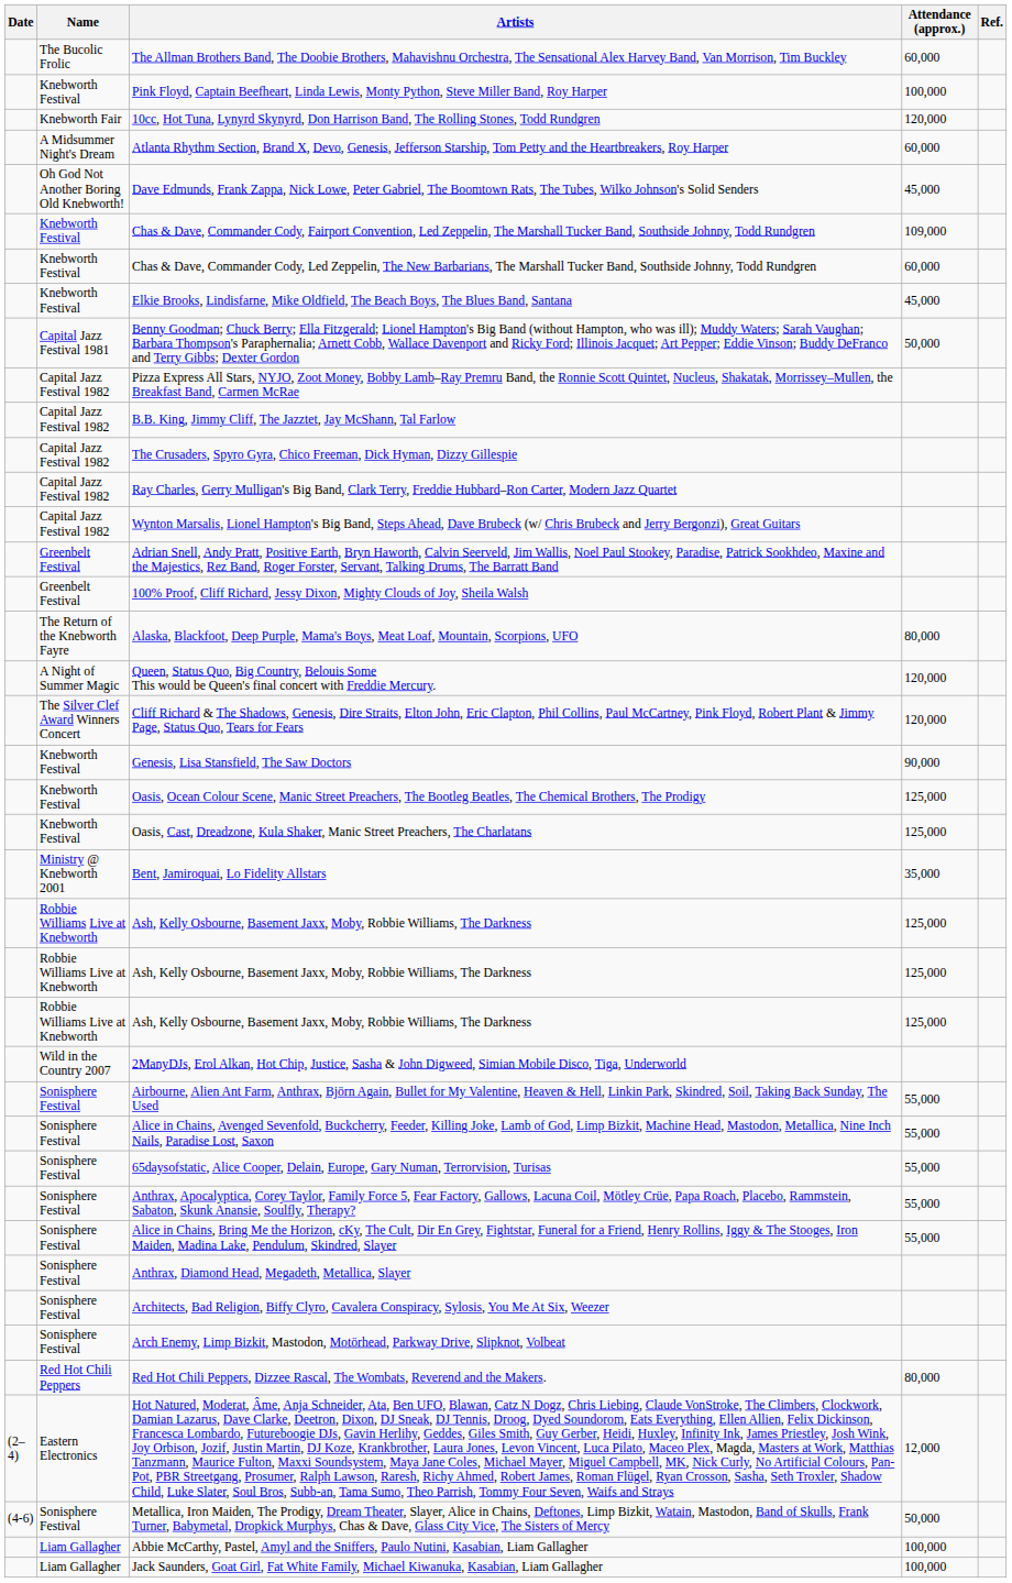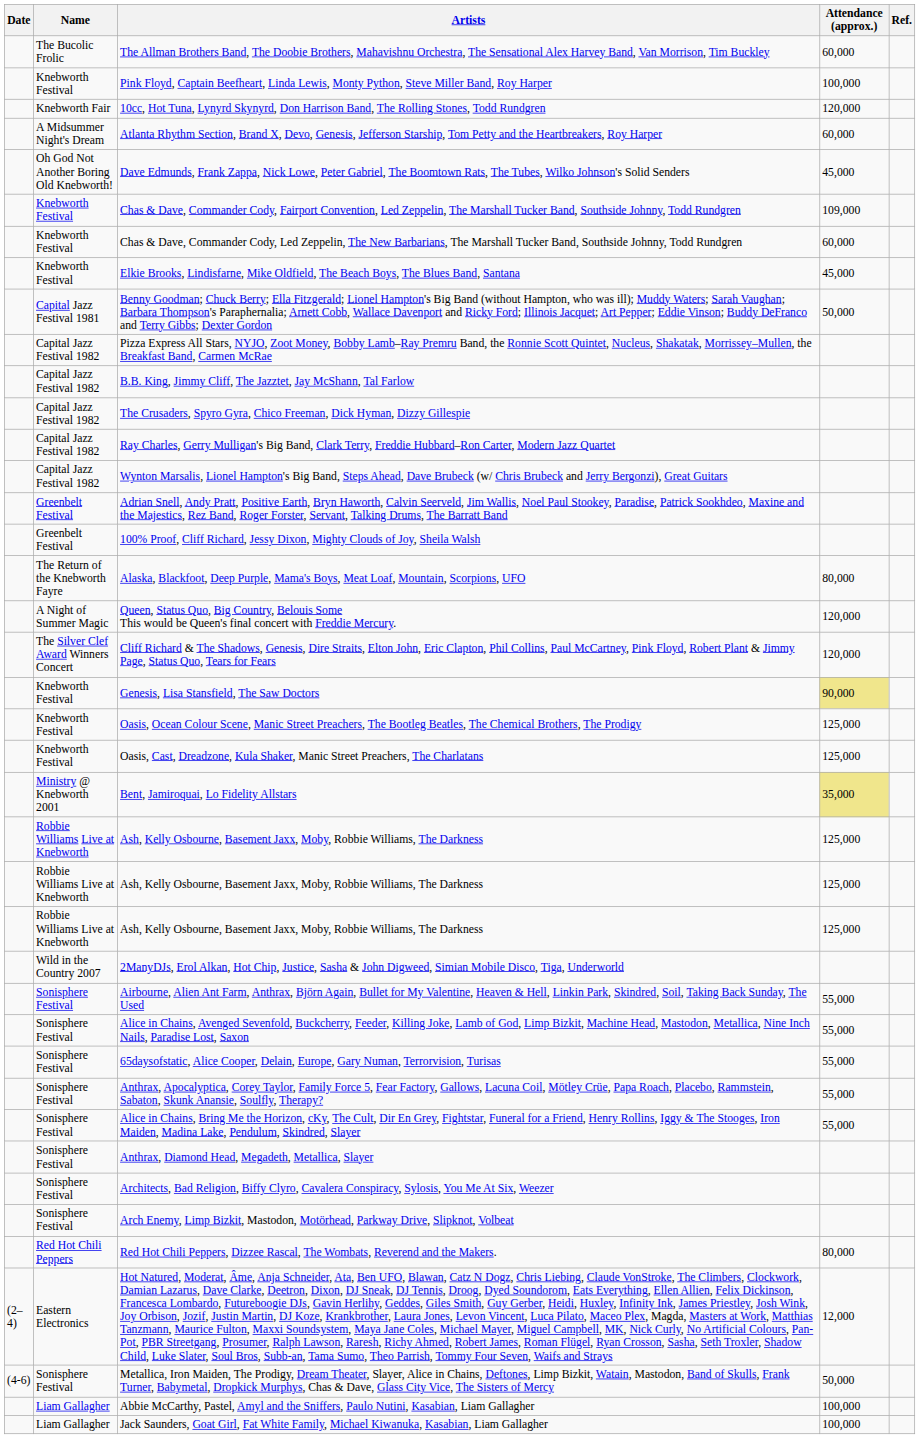 <table class="wikitable sortable">
 <tr>
 <th><strong>Date</strong></th>
 <th><strong>Name</strong></th>
 <th class="unsortable"><strong><a href='#'>Artists</a></strong></th>
 <th><strong>Attendance (approx.)</strong></th>
 <th class="unsortable"><strong>Ref.</strong></th>
 </tr>
 <tr>
 <td></td>
 <td>The Bucolic Frolic</td>
 <td><a href='#'>The Allman Brothers Band</a>, <a href='#'>The Doobie Brothers</a>, <a href='#'>Mahavishnu Orchestra</a>, <a href='#'>The Sensational Alex Harvey Band</a>, <a href='#'>Van Morrison</a>, <a href='#'>Tim Buckley</a></td>
 <td>60,000</td>
 <td></td>
 </tr>
 <tr>
 <td></td>
 <td>Knebworth Festival</td>
 <td><a href='#'>Pink Floyd</a>, <a href='#'>Captain Beefheart</a>, <a href='#'>Linda Lewis</a>, <a href='#'>Monty Python</a>, <a href='#'>Steve Miller Band</a>, <a href='#'>Roy Harper</a></td>
 <td>100,000</td>
 <td></td>
 </tr>
 <tr>
 <td></td>
 <td>Knebworth Fair</td>
 <td><a href='#'>10cc</a>, <a href='#'>Hot Tuna</a>, <a href='#'>Lynyrd Skynyrd</a>, <a href='#'>Don Harrison Band</a>, <a href='#'>The Rolling Stones</a>, <a href='#'>Todd Rundgren</a></td>
 <td>120,000</td>
 <td></td>
 </tr>
 <tr>
 <td></td>
 <td>A Midsummer Night's Dream</td>
 <td><a href='#'>Atlanta Rhythm Section</a>, <a href='#'>Brand X</a>, <a href='#'>Devo</a>, <a href='#'>Genesis</a>, <a href='#'>Jefferson Starship</a>, <a href='#'>Tom Petty and the Heartbreakers</a>, <a href='#'>Roy Harper</a></td>
 <td>60,000</td>
 <td></td>
 </tr>
 <tr>
 <td></td>
 <td>Oh God Not Another Boring Old Knebworth!</td>
 <td><a href='#'>Dave Edmunds</a>, <a href='#'>Frank Zappa</a>, <a href='#'>Nick Lowe</a>, <a href='#'>Peter Gabriel</a>, <a href='#'>The Boomtown Rats</a>, <a href='#'>The Tubes</a>, <a href='#'>Wilko Johnson</a>'s Solid Senders</td>
 <td>45,000</td>
 <td></td>
 </tr>
 <tr>
 <td></td>
 <td><a href='#'>Knebworth Festival</a></td>
 <td><a href='#'>Chas & Dave</a>, <a href='#'>Commander Cody</a>, <a href='#'>Fairport Convention</a>, <a href='#'>Led Zeppelin</a>, <a href='#'>The Marshall Tucker Band</a>, <a href='#'>Southside Johnny</a>, <a href='#'>Todd Rundgren</a></td>
 <td>109,000</td>
 <td></td>
 </tr>
 <tr>
 <td></td>
 <td>Knebworth Festival</td>
 <td>Chas & Dave, Commander Cody, Led Zeppelin, <a href='#'>The New Barbarians</a>, The Marshall Tucker Band, Southside Johnny, Todd Rundgren</td>
 <td>60,000</td>
 <td></td>
 </tr>
 <tr>
 <td></td>
 <td>Knebworth Festival</td>
 <td><a href='#'>Elkie Brooks</a>, <a href='#'>Lindisfarne</a>, <a href='#'>Mike Oldfield</a>, <a href='#'>The Beach Boys</a>, <a href='#'>The Blues Band</a>, <a href='#'>Santana</a></td>
 <td>45,000</td>
 <td></td>
 </tr>
 <tr>
 <td></td>
 <td><a href='#'>Capital</a> Jazz Festival 1981</td>
 <td><a href='#'>Benny Goodman</a>; <a href='#'>Chuck Berry</a>; <a href='#'>Ella Fitzgerald</a>; <a href='#'>Lionel Hampton</a>'s Big Band (without Hampton, who was ill); <a href='#'>Muddy Waters</a>; <a href='#'>Sarah Vaughan</a>; <a href='#'>Barbara Thompson</a>'s Paraphernalia; <a href='#'>Arnett Cobb</a>, <a href='#'>Wallace Davenport</a> and <a href='#'>Ricky Ford</a>; <a href='#'>Illinois Jacquet</a>; <a href='#'>Art Pepper</a>; <a href='#'>Eddie Vinson</a>; <a href='#'>Buddy DeFranco</a> and <a href='#'>Terry Gibbs</a>; <a href='#'>Dexter Gordon</a></td>
 <td>50,000</td>
 <td></td>
 </tr>
 <tr>
 <td></td>
 <td>Capital Jazz Festival 1982</td>
 <td>Pizza Express All Stars, <a href='#'>NYJO</a>, <a href='#'>Zoot Money</a>, <a href='#'>Bobby Lamb</a>–<a href='#'>Ray Premru</a> Band, the <a href='#'>Ronnie Scott Quintet</a>, <a href='#'>Nucleus</a>, <a href='#'>Shakatak</a>, <a href='#'>Morrissey–Mullen</a>, the <a href='#'>Breakfast Band</a>, <a href='#'>Carmen McRae</a></td>
 <td></td>
 <td></td>
 </tr>
 <tr>
 <td></td>
 <td>Capital Jazz Festival 1982</td>
 <td><a href='#'>B.B. King</a>, <a href='#'>Jimmy Cliff</a>, <a href='#'>The Jazztet</a>, <a href='#'>Jay McShann</a>, <a href='#'>Tal Farlow</a></td>
 <td></td>
 <td></td>
 </tr>
 <tr>
 <td></td>
 <td>Capital Jazz Festival 1982</td>
 <td><a href='#'>The Crusaders</a>, <a href='#'>Spyro Gyra</a>, <a href='#'>Chico Freeman</a>, <a href='#'>Dick Hyman</a>, <a href='#'>Dizzy Gillespie</a></td>
 <td></td>
 <td></td>
 </tr>
 <tr>
 <td></td>
 <td>Capital Jazz Festival 1982</td>
 <td><a href='#'>Ray Charles</a>, <a href='#'>Gerry Mulligan</a>'s Big Band, <a href='#'>Clark Terry</a>, <a href='#'>Freddie Hubbard</a>–<a href='#'>Ron Carter</a>, <a href='#'>Modern Jazz Quartet</a></td>
 <td></td>
 <td></td>
 </tr>
 <tr>
 <td></td>
 <td>Capital Jazz Festival 1982</td>
 <td><a href='#'>Wynton Marsalis</a>, <a href='#'>Lionel Hampton</a>'s Big Band, <a href='#'>Steps Ahead</a>, <a href='#'>Dave Brubeck</a> (w/ <a href='#'>Chris Brubeck</a> and <a href='#'>Jerry Bergonzi</a>), <a href='#'>Great Guitars</a></td>
 <td></td>
 <td></td>
 </tr>
 <tr>
 <td></td>
 <td><a href='#'>Greenbelt Festival</a></td>
 <td><a href='#'>Adrian Snell</a>, <a href='#'>Andy Pratt</a>, <a href='#'>Positive Earth</a>, <a href='#'>Bryn Haworth</a>, <a href='#'>Calvin Seerveld</a>, <a href='#'>Jim Wallis</a>, <a href='#'>Noel Paul Stookey</a>, <a href='#'>Paradise</a>, <a href='#'>Patrick Sookhdeo</a>, <a href='#'>Maxine and the Majestics</a>, <a href='#'>Rez Band</a>, <a href='#'>Roger Forster</a>, <a href='#'>Servant</a>, <a href='#'>Talking Drums</a>, <a href='#'>The Barratt Band</a></td>
 <td></td>
 <td></td>
 </tr>
 <tr>
 <td></td>
 <td>Greenbelt Festival</td>
 <td><a href='#'>100% Proof</a>, <a href='#'>Cliff Richard</a>, <a href='#'>Jessy Dixon</a>, <a href='#'>Mighty Clouds of Joy</a>, <a href='#'>Sheila Walsh</a></td>
 <td></td>
 <td></td>
 </tr>
 <tr>
 <td></td>
 <td>The Return of the Knebworth Fayre</td>
 <td><a href='#'>Alaska</a>, <a href='#'>Blackfoot</a>, <a href='#'>Deep Purple</a>, <a href='#'>Mama's Boys</a>, <a href='#'>Meat Loaf</a>, <a href='#'>Mountain</a>, <a href='#'>Scorpions</a>, <a href='#'>UFO</a></td>
 <td>80,000</td>
 <td></td>
 </tr>
 <tr>
 <td></td>
 <td>A Night of Summer Magic</td>
 <td><a href='#'>Queen</a>, <a href='#'>Status Quo</a>, <a href='#'>Big Country</a>, <a href='#'>Belouis Some</a><br>This would be Queen's final concert with <a href='#'>Freddie Mercury</a>.</td>
 <td>120,000</td>
 <td></td>
 </tr>
 <tr>
 <td></td>
 <td>The <a href='#'>Silver Clef Award</a> Winners Concert</td>
 <td><a href='#'>Cliff Richard</a> & <a href='#'>The Shadows</a>, <a href='#'>Genesis</a>, <a href='#'>Dire Straits</a>, <a href='#'>Elton John</a>, <a href='#'>Eric Clapton</a>, <a href='#'>Phil Collins</a>, <a href='#'>Paul McCartney</a>, <a href='#'>Pink Floyd</a>, <a href='#'>Robert Plant</a> & <a href='#'>Jimmy Page</a>, <a href='#'>Status Quo</a>, <a href='#'>Tears for Fears</a></td>
 <td>120,000</td>
 <td></td>
 </tr>
 <tr>
 <td></td>
 <td>Knebworth Festival</td>
 <td><a href='#'>Genesis</a>, <a href='#'>Lisa Stansfield</a>, <a href='#'>The Saw Doctors</a></td>
-<td>90,000</td>
+<td style="background: khaki;">90,000</td>
 <td></td>
 </tr>
 <tr>
 <td></td>
 <td>Knebworth Festival</td>
 <td><a href='#'>Oasis</a>, <a href='#'>Ocean Colour Scene</a>, <a href='#'>Manic Street Preachers</a>, <a href='#'>The Bootleg Beatles</a>, <a href='#'>The Chemical Brothers</a>, <a href='#'>The Prodigy</a></td>
 <td>125,000</td>
 <td></td>
 </tr>
 <tr>
 <td></td>
 <td>Knebworth Festival</td>
 <td>Oasis, <a href='#'>Cast</a>, <a href='#'>Dreadzone</a>, <a href='#'>Kula Shaker</a>, Manic Street Preachers, <a href='#'>The Charlatans</a></td>
 <td>125,000</td>
 <td></td>
 </tr>
 <tr>
 <td></td>
 <td><a href='#'>Ministry</a> @ Knebworth 2001</td>
 <td><a href='#'>Bent</a>, <a href='#'>Jamiroquai</a>, <a href='#'>Lo Fidelity Allstars</a></td>
-<td>35,000</td>
+<td style="background: khaki;">35,000</td>
 <td></td>
 </tr>
 <tr>
 <td></td>
 <td><a href='#'>Robbie Williams</a> <a href='#'>Live at Knebworth</a></td>
 <td><a href='#'>Ash</a>, <a href='#'>Kelly Osbourne</a>, <a href='#'>Basement Jaxx</a>, <a href='#'>Moby</a>, Robbie Williams, <a href='#'>The Darkness</a></td>
 <td>125,000</td>
 <td></td>
 </tr>
 <tr>
 <td></td>
 <td>Robbie Williams Live at Knebworth</td>
 <td>Ash, Kelly Osbourne, Basement Jaxx, Moby, Robbie Williams, The Darkness</td>
 <td>125,000</td>
 <td></td>
 </tr>
 <tr>
 <td></td>
 <td>Robbie Williams Live at Knebworth</td>
 <td>Ash, Kelly Osbourne, Basement Jaxx, Moby, Robbie Williams, The Darkness</td>
 <td>125,000</td>
 <td></td>
 </tr>
 <tr>
 <td></td>
 <td>Wild in the Country 2007</td>
 <td><a href='#'>2ManyDJs</a>, <a href='#'>Erol Alkan</a>, <a href='#'>Hot Chip</a>, <a href='#'>Justice</a>, <a href='#'>Sasha</a> & <a href='#'>John Digweed</a>, <a href='#'>Simian Mobile Disco</a>, <a href='#'>Tiga</a>, <a href='#'>Underworld</a></td>
 <td></td>
 <td></td>
 </tr>
 <tr>
 <td></td>
 <td><a href='#'>Sonisphere Festival</a></td>
 <td><a href='#'>Airbourne</a>, <a href='#'>Alien Ant Farm</a>, <a href='#'>Anthrax</a>, <a href='#'>Björn Again</a>, <a href='#'>Bullet for My Valentine</a>, <a href='#'>Heaven & Hell</a>, <a href='#'>Linkin Park</a>, <a href='#'>Skindred</a>, <a href='#'>Soil</a>, <a href='#'>Taking Back Sunday</a>, <a href='#'>The Used</a></td>
 <td>55,000</td>
 <td></td>
 </tr>
 <tr>
 <td></td>
 <td>Sonisphere Festival</td>
 <td><a href='#'>Alice in Chains</a>, <a href='#'>Avenged Sevenfold</a>, <a href='#'>Buckcherry</a>, <a href='#'>Feeder</a>, <a href='#'>Killing Joke</a>, <a href='#'>Lamb of God</a>, <a href='#'>Limp Bizkit</a>, <a href='#'>Machine Head</a>, <a href='#'>Mastodon</a>, <a href='#'>Metallica</a>, <a href='#'>Nine Inch Nails</a>, <a href='#'>Paradise Lost</a>, <a href='#'>Saxon</a></td>
 <td>55,000</td>
 <td></td>
 </tr>
 <tr>
 <td></td>
 <td>Sonisphere Festival</td>
 <td><a href='#'>65daysofstatic</a>, <a href='#'>Alice Cooper</a>, <a href='#'>Delain</a>, <a href='#'>Europe</a>, <a href='#'>Gary Numan</a>, <a href='#'>Terrorvision</a>, <a href='#'>Turisas</a></td>
 <td>55,000</td>
 <td></td>
 </tr>
 <tr>
 <td></td>
 <td>Sonisphere Festival</td>
 <td><a href='#'>Anthrax</a>, <a href='#'>Apocalyptica</a>, <a href='#'>Corey Taylor</a>, <a href='#'>Family Force 5</a>, <a href='#'>Fear Factory</a>, <a href='#'>Gallows</a>, <a href='#'>Lacuna Coil</a>, <a href='#'>Mötley Crüe</a>, <a href='#'>Papa Roach</a>, <a href='#'>Placebo</a>, <a href='#'>Rammstein</a>, <a href='#'>Sabaton</a>, <a href='#'>Skunk Anansie</a>, <a href='#'>Soulfly</a>, <a href='#'>Therapy?</a></td>
 <td>55,000</td>
 <td></td>
 </tr>
 <tr>
 <td></td>
 <td>Sonisphere Festival</td>
 <td><a href='#'>Alice in Chains</a>, <a href='#'>Bring Me the Horizon</a>, <a href='#'>cKy</a>, <a href='#'>The Cult</a>, <a href='#'>Dir En Grey</a>, <a href='#'>Fightstar</a>, <a href='#'>Funeral for a Friend</a>, <a href='#'>Henry Rollins</a>, <a href='#'>Iggy & The Stooges</a>, <a href='#'>Iron Maiden</a>, <a href='#'>Madina Lake</a>, <a href='#'>Pendulum</a>, <a href='#'>Skindred</a>, <a href='#'>Slayer</a></td>
 <td>55,000</td>
 <td></td>
 </tr>
 <tr>
 <td></td>
 <td>Sonisphere Festival</td>
 <td><a href='#'>Anthrax</a>, <a href='#'>Diamond Head</a>, <a href='#'>Megadeth</a>, <a href='#'>Metallica</a>, <a href='#'>Slayer</a></td>
 <td></td>
 <td></td>
 </tr>
 <tr>
 <td></td>
 <td>Sonisphere Festival</td>
 <td><a href='#'>Architects</a>, <a href='#'>Bad Religion</a>, <a href='#'>Biffy Clyro</a>, <a href='#'>Cavalera Conspiracy</a>, <a href='#'>Sylosis</a>, <a href='#'>You Me At Six</a>, <a href='#'>Weezer</a></td>
 <td></td>
 <td></td>
 </tr>
 <tr>
 <td></td>
 <td>Sonisphere Festival</td>
 <td><a href='#'>Arch Enemy</a>, <a href='#'>Limp Bizkit</a>, Mastodon, <a href='#'>Motörhead</a>, <a href='#'>Parkway Drive</a>, <a href='#'>Slipknot</a>, <a href='#'>Volbeat</a></td>
 <td></td>
 <td></td>
 </tr>
 <tr>
 <td></td>
 <td><a href='#'>Red Hot Chili Peppers</a></td>
 <td><a href='#'>Red Hot Chili Peppers</a>, <a href='#'>Dizzee Rascal</a>, <a href='#'>The Wombats</a>, <a href='#'>Reverend and the Makers</a>.</td>
 <td>80,000</td>
 <td></td>
 </tr>
 <tr>
 <td> (2–4)</td>
 <td>Eastern Electronics</td>
 <td><a href='#'>Hot Natured</a>, <a href='#'>Moderat</a>, <a href='#'>Âme</a>, <a href='#'>Anja Schneider</a>, <a href='#'>Ata</a>, <a href='#'>Ben UFO</a>, <a href='#'>Blawan</a>, <a href='#'>Catz N Dogz</a>, <a href='#'>Chris Liebing</a>, <a href='#'>Claude VonStroke</a>, <a href='#'>The Climbers</a>, <a href='#'>Clockwork</a>, <a href='#'>Damian Lazarus</a>, <a href='#'>Dave Clarke</a>, <a href='#'>Deetron</a>, <a href='#'>Dixon</a>, <a href='#'>DJ Sneak</a>, <a href='#'>DJ Tennis</a>, <a href='#'>Droog</a>, <a href='#'>Dyed Soundorom</a>, <a href='#'>Eats Everything</a>, <a href='#'>Ellen Allien</a>, <a href='#'>Felix Dickinson</a>, <a href='#'>Francesca Lombardo</a>, <a href='#'>Futureboogie DJs</a>, <a href='#'>Gavin Herlihy</a>, <a href='#'>Geddes</a>, <a href='#'>Giles Smith</a>, <a href='#'>Guy Gerber</a>, <a href='#'>Heidi</a>, <a href='#'>Huxley</a>, <a href='#'>Infinity Ink</a>, <a href='#'>James Priestley</a>, <a href='#'>Josh Wink</a>, <a href='#'>Joy Orbison</a>, <a href='#'>Jozif</a>, <a href='#'>Justin Martin</a>, <a href='#'>DJ Koze</a>, <a href='#'>Krankbrother</a>, <a href='#'>Laura Jones</a>, <a href='#'>Levon Vincent</a>, <a href='#'>Luca Pilato</a>, <a href='#'>Maceo Plex</a>, Magda, <a href='#'>Masters at Work</a>, <a href='#'>Matthias Tanzmann</a>, <a href='#'>Maurice Fulton</a>, <a href='#'>Maxxi Soundsystem</a>, <a href='#'>Maya Jane Coles</a>, <a href='#'>Michael Mayer</a>, <a href='#'>Miguel Campbell</a>, <a href='#'>MK</a>, <a href='#'>Nick Curly</a>, <a href='#'>No Artificial Colours</a>, <a href='#'>Pan-Pot</a>, <a href='#'>PBR Streetgang</a>, <a href='#'>Prosumer</a>, <a href='#'>Ralph Lawson</a>, <a href='#'>Raresh</a>, <a href='#'>Richy Ahmed</a>, <a href='#'>Robert James</a>, <a href='#'>Roman Flügel</a>, <a href='#'>Ryan Crosson</a>, <a href='#'>Sasha</a>, <a href='#'>Seth Troxler</a>, <a href='#'>Shadow Child</a>, <a href='#'>Luke Slater</a>, <a href='#'>Soul Bros</a>, <a href='#'>Subb-an</a>, <a href='#'>Tama Sumo</a>, <a href='#'>Theo Parrish</a>, <a href='#'>Tommy Four Seven</a>, <a href='#'>Waifs and Strays</a></td>
 <td>12,000</td>
 <td></td>
 </tr>
 <tr>
 <td> (4-6)</td>
 <td>Sonisphere Festival</td>
 <td>Metallica, Iron Maiden, The Prodigy, <a href='#'>Dream Theater</a>, Slayer, Alice in Chains, <a href='#'>Deftones</a>, Limp Bizkit, <a href='#'>Watain</a>, Mastodon, <a href='#'>Band of Skulls</a>, <a href='#'>Frank Turner</a>, <a href='#'>Babymetal</a>, <a href='#'>Dropkick Murphys</a>, Chas & Dave, <a href='#'>Glass City Vice</a>, <a href='#'>The Sisters of Mercy</a></td>
 <td>50,000</td>
 <td></td>
 </tr>
 <tr>
 <td></td>
 <td><a href='#'>Liam Gallagher</a></td>
 <td>Abbie McCarthy, Pastel, <a href='#'>Amyl and the Sniffers</a>, <a href='#'>Paulo Nutini</a>, <a href='#'>Kasabian</a>, Liam Gallagher</td>
 <td>100,000</td>
 <td></td>
 </tr>
 <tr>
 <td></td>
 <td>Liam Gallagher</td>
 <td>Jack Saunders, <a href='#'>Goat Girl</a>, <a href='#'>Fat White Family</a>, <a href='#'>Michael Kiwanuka</a>, <a href='#'>Kasabian</a>, Liam Gallagher</td>
 <td>100,000</td>
 <td></td>
 </tr>
 </table>
